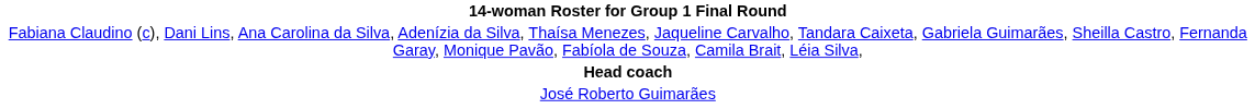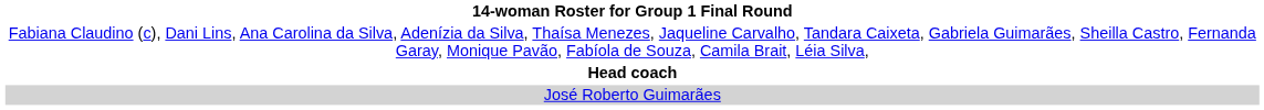 <table style="text-align: center; margin-top: 2em; margin-left: auto; margin-right: auto">
 <tr>
 <td><strong>14-woman Roster for Group 1 Final Round</strong></td>
 </tr>
 <tr>
 <td><a href='#'>Fabiana Claudino</a> (<a href='#'>c</a>), <a href='#'>Dani Lins</a>, <a href='#'>Ana Carolina da Silva</a>, <a href='#'>Adenízia da Silva</a>, <a href='#'>Thaísa Menezes</a>, <a href='#'>Jaqueline Carvalho</a>, <a href='#'>Tandara Caixeta</a>, <a href='#'>Gabriela Guimarães</a>, <a href='#'>Sheilla Castro</a>, <a href='#'>Fernanda Garay</a>, <a href='#'>Monique Pavão</a>, <a href='#'>Fabíola de Souza</a>, <a href='#'>Camila Brait</a>, <a href='#'>Léia Silva</a>,</td>
 </tr>
 <tr>
 <td><strong>Head coach</strong></td>
 </tr>
 <tr>
-<td><a href='#'>José Roberto Guimarães</a></td>
+<td style="background: lightgrey;"><a href='#'>José Roberto Guimarães</a></td>
 </tr>
 </table>
